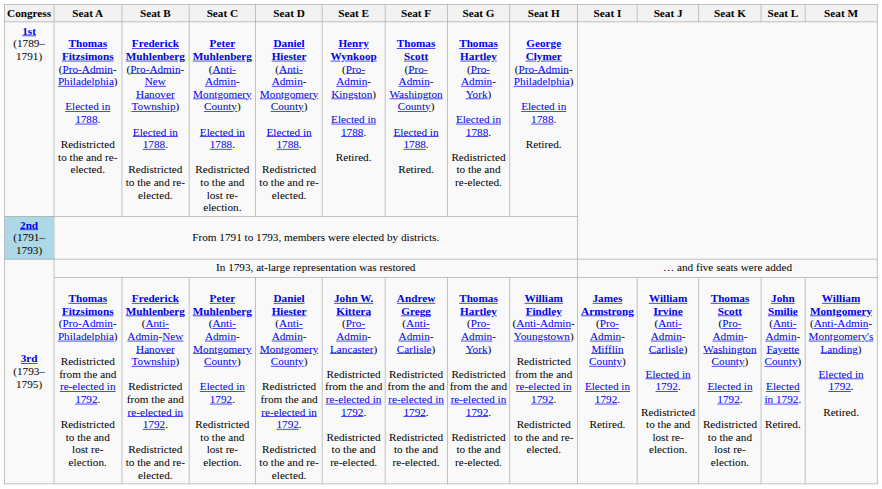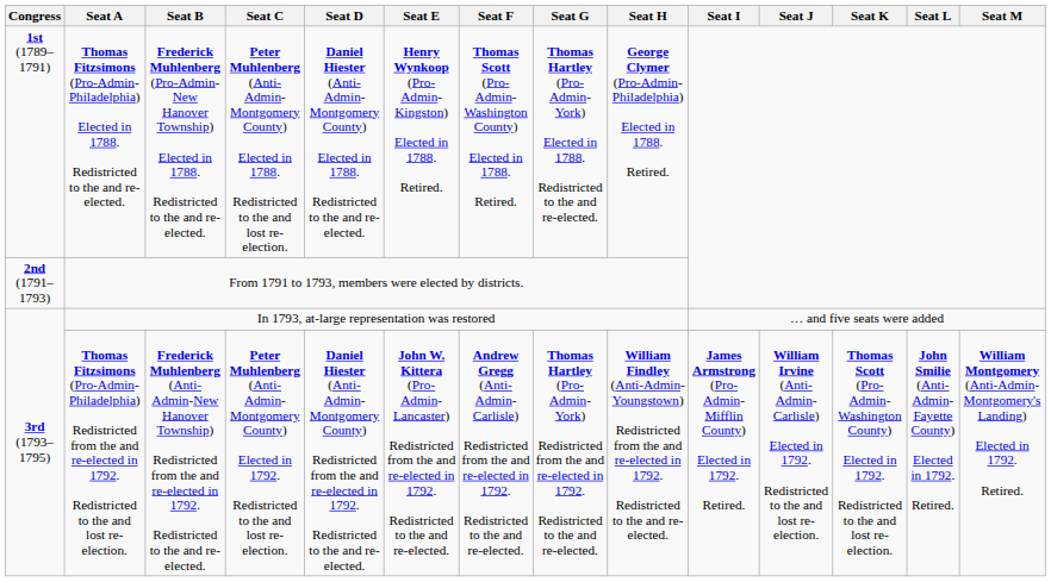 <table class=wikitable style="text-align:center">
 <tr>
 <th>Congress</th>
 <th>Seat A</th>
 <th>Seat B</th>
 <th>Seat C</th>
 <th>Seat D</th>
 <th>Seat E</th>
 <th>Seat F</th>
 <th>Seat G</th>
 <th>Seat H</th>
 <th>Seat I</th>
 <th>Seat J</th>
 <th>Seat K</th>
 <th>Seat L</th>
 <th>Seat M</th>
 </tr>
 <tr valign=top>
 <td><strong><a href='#'>1st</a></strong><br>(1789–1791)</td>
 <td><br><strong><a href='#'>Thomas Fitzsimons</a></strong><br>(<a href='#'>Pro-Admin</a>-<a href='#'>Philadelphia</a>)<br><br><a href='#'>Elected in 1788</a>.<br><br>Redistricted to the  and re-elected.</td>
 <td><br><strong><a href='#'>Frederick Muhlenberg</a></strong><br>(<a href='#'>Pro-Admin</a>-<a href='#'>New Hanover Township</a>)<br><br><a href='#'>Elected in 1788</a>.<br><br>Redistricted to the  and re-elected.</td>
 <td><br><strong><a href='#'>Peter Muhlenberg</a></strong><br>(<a href='#'>Anti-Admin</a>-<a href='#'>Montgomery County</a>)<br><br><a href='#'>Elected in 1788</a>.<br><br>Redistricted to the  and lost re-election.</td>
 <td><br><strong><a href='#'>Daniel Hiester</a></strong><br>(<a href='#'>Anti-Admin</a>-<a href='#'>Montgomery County</a>)<br><br><a href='#'>Elected in 1788</a>.<br><br>Redistricted to the  and re-elected.</td>
 <td><br><strong><a href='#'>Henry Wynkoop</a></strong><br>(<a href='#'>Pro-Admin</a>-<a href='#'>Kingston</a>)<br><br><a href='#'>Elected in 1788</a>.<br><br>Retired.</td>
 <td><br><strong><a href='#'>Thomas Scott</a></strong><br>(<a href='#'>Pro-Admin</a>-<a href='#'>Washington County</a>)<br><br><a href='#'>Elected in 1788</a>.<br><br>Retired.</td>
 <td><br><strong><a href='#'>Thomas Hartley</a></strong><br>(<a href='#'>Pro-Admin</a>-<a href='#'>York</a>)<br><br><a href='#'>Elected in 1788</a>.<br><br>Redistricted to the  and re-elected.</td>
 <td><br><strong><a href='#'>George Clymer</a></strong><br>(<a href='#'>Pro-Admin</a>-<a href='#'>Philadelphia</a>)<br><br><a href='#'>Elected in 1788</a>.<br><br>Retired.</td>
 </tr>
 <tr>
-<td style="background: lightblue;"><strong><a href='#'>2nd</a></strong><br>(1791–1793)</td>
+<td><strong><a href='#'>2nd</a></strong><br>(1791–1793)</td>
 <td colspan=8>From 1791 to 1793, members were elected by districts.</td>
 </tr>
 <tr>
 <td rowspan=2><strong><a href='#'>3rd</a></strong><br>(1793–1795)</td>
 <td colspan=8>In 1793, at-large representation was restored</td>
 <td colspan=5>… and five seats were added</td>
 </tr>
 <tr valign=top>
 <td><br><strong><a href='#'>Thomas Fitzsimons</a></strong><br>(<a href='#'>Pro-Admin</a>-<a href='#'>Philadelphia</a>)<br><br>Redistricted from the  and <a href='#'>re-elected in 1792</a>.<br><br>Redistricted to the  and lost re-election.</td>
 <td><br><strong><a href='#'>Frederick Muhlenberg</a></strong><br>(<a href='#'>Anti-Admin</a>-<a href='#'>New Hanover Township</a>)<br><br>Redistricted from the  and <a href='#'>re-elected in 1792</a>.<br><br>Redistricted to the  and re-elected.</td>
 <td><br><strong><a href='#'>Peter Muhlenberg</a></strong><br>(<a href='#'>Anti-Admin</a>-<a href='#'>Montgomery County</a>)<br><br><a href='#'>Elected in 1792</a>.<br><br>Redistricted to the  and lost re-election.</td>
 <td><br><strong><a href='#'>Daniel Hiester</a></strong><br>(<a href='#'>Anti-Admin</a>-<a href='#'>Montgomery County</a>)<br><br>Redistricted from the  and <a href='#'>re-elected in 1792</a>.<br><br>Redistricted to the  and re-elected.</td>
 <td><br><strong><a href='#'>John W. Kittera</a></strong><br>(<a href='#'>Pro-Admin</a>-<a href='#'>Lancaster</a>)<br><br>Redistricted from the  and <a href='#'>re-elected in 1792</a>.<br><br>Redistricted to the  and re-elected.</td>
 <td><br><strong><a href='#'>Andrew Gregg</a></strong><br>(<a href='#'>Anti-Admin</a>-<a href='#'>Carlisle</a>)<br><br>Redistricted from the  and <a href='#'>re-elected in 1792</a>.<br><br>Redistricted to the  and re-elected.</td>
 <td><br><strong><a href='#'>Thomas Hartley</a></strong><br>(<a href='#'>Pro-Admin</a>-<a href='#'>York</a>)<br><br>Redistricted from the  and <a href='#'>re-elected in 1792</a>.<br><br>Redistricted to the  and re-elected.</td>
 <td><br><strong><a href='#'>William Findley</a></strong><br>(<a href='#'>Anti-Admin</a>-<a href='#'>Youngstown</a>)<br><br>Redistricted from the  and <a href='#'>re-elected in 1792</a>.<br><br>Redistricted to the  and re-elected.</td>
 <td><br><strong><a href='#'>James Armstrong</a></strong><br>(<a href='#'>Pro-Admin</a>-<a href='#'>Mifflin County</a>)<br><br><a href='#'>Elected in 1792</a>.<br><br>Retired.</td>
 <td><br><strong><a href='#'>William Irvine</a></strong><br>(<a href='#'>Anti-Admin</a>-<a href='#'>Carlisle</a>)<br><br><a href='#'>Elected in 1792</a>.<br><br>Redistricted to the  and lost re-election.</td>
 <td><br><strong><a href='#'>Thomas Scott</a></strong><br>(<a href='#'>Pro-Admin</a>-<a href='#'>Washington County</a>)<br><br><a href='#'>Elected in 1792</a>.<br><br>Redistricted to the  and lost re-election.</td>
 <td><br><strong><a href='#'>John Smilie</a></strong><br>(<a href='#'>Anti-Admin</a>-<a href='#'>Fayette County</a>)<br><br><a href='#'>Elected in 1792</a>.<br><br>Retired.</td>
 <td><br><strong><a href='#'>William Montgomery</a></strong><br>(<a href='#'>Anti-Admin</a>-<a href='#'>Montgomery's Landing</a>)<br><br><a href='#'>Elected in 1792</a>.<br><br>Retired.</td>
 </tr>
 </table>
